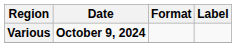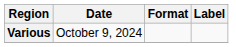 <table class="wikitable plainrowheaders">
 <tr>
 <th scope="col">Region</th>
 <th scope="col">Date</th>
 <th scope="col">Format</th>
 <th scope="col">Label</th>
 </tr>
 <tr>
 <th scope="row">Various</th>
-<td><strong>October 9, 2024</strong></td>
+<td>October 9, 2024</td>
 <td></td>
 <td></td>
 </tr>
 <tr>
 </tr>
 </table>
